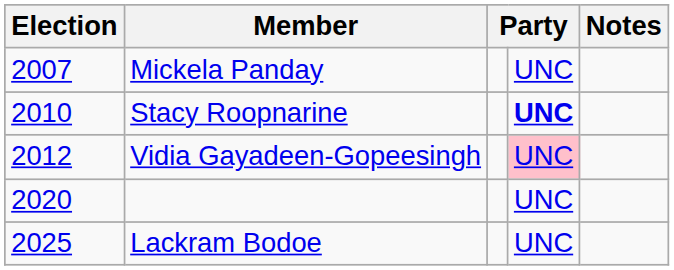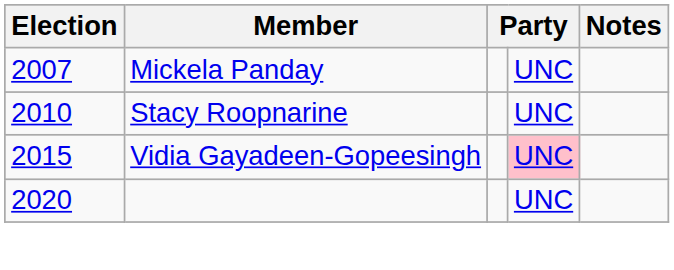 <table class="wikitable sortable">
 <tr>
 <th>Election</th>
 <th>Member</th>
 <th colspan="2">Party</th>
 <th>Notes</th>
 </tr>
 <tr>
 <td><a href='#'>2007</a></td>
 <td><a href='#'>Mickela Panday</a></td>
 <td style="background:"> </td>
 <td><a href='#'>UNC</a></td>
 <td></td>
 </tr>
 <tr>
 <td><a href='#'>2010</a></td>
 <td><a href='#'>Stacy Roopnarine</a></td>
 <td style="background:"> </td>
-<td><strong><a href='#'>UNC</a></strong></td>
+<td><a href='#'>UNC</a></td>
 <td></td>
 </tr>
 <tr>
-<td><a href='#'>2012</a></td>
+<td><a href='#'>2015</a></td>
 <td><a href='#'>Vidia Gayadeen-Gopeesingh</a></td>
 <td style="background:"> </td>
 <td style="background: pink;"><a href='#'>UNC</a></td>
 <td></td>
 </tr>
 <tr>
 <td><a href='#'>2020</a></td>
 <td></td>
 <td style="background:"> </td>
 <td><a href='#'>UNC</a></td>
 <td></td>
 </tr>
-<tr>
-<td><a href='#'>2025</a></td>
-<td><a href='#'>Lackram Bodoe</a></td>
-<td style="background:"> </td>
-<td><a href='#'>UNC</a></td>
-<td></td>
-</tr>
 </table>
